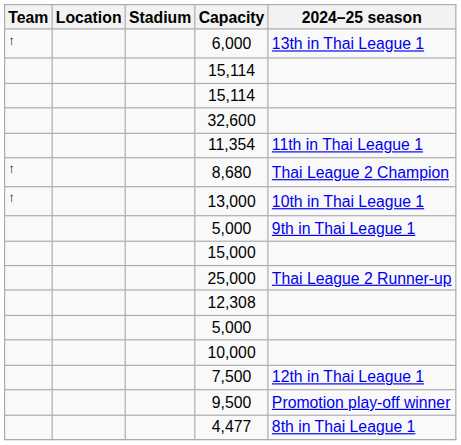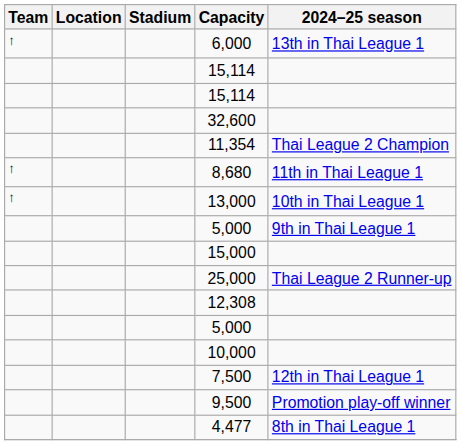 <table class="wikitable sortable" style="font-size:85%;">
 <tr>
 <th>Team</th>
 <th>Location</th>
 <th>Stadium</th>
 <th>Capacity</th>
 <th>2024–25 season</th>
 </tr>
 <tr>
 <td><sup>↑</sup></td>
 <td></td>
 <td></td>
 <td align="center">6,000</td>
 <td><a href='#'>13th in Thai League 1</a></td>
 </tr>
 <tr>
 <td></td>
 <td></td>
 <td></td>
 <td align="center">15,114</td>
 <td></td>
 </tr>
 <tr>
 <td></td>
 <td></td>
 <td></td>
 <td align="center">15,114</td>
 <td></td>
 </tr>
 <tr>
 <td></td>
 <td></td>
 <td></td>
 <td align="center">32,600</td>
 <td></td>
 </tr>
 <tr>
 <td></td>
 <td></td>
 <td></td>
 <td align="center">11,354</td>
-<td><a href='#'>11th in Thai League 1</a></td>
+<td><a href='#'>Thai League 2 Champion</a></td>
 </tr>
 <tr>
 <td><sup>↑</sup></td>
 <td></td>
 <td></td>
 <td align="center">8,680</td>
-<td><a href='#'>Thai League 2 Champion</a></td>
+<td><a href='#'>11th in Thai League 1</a></td>
 </tr>
 <tr>
 <td><sup>↑</sup></td>
 <td></td>
 <td></td>
 <td align="center">13,000</td>
 <td><a href='#'>10th in Thai League 1</a></td>
 </tr>
 <tr>
 <td></td>
 <td></td>
 <td></td>
 <td align="center">5,000</td>
 <td><a href='#'>9th in Thai League 1</a></td>
 </tr>
 <tr>
 <td></td>
 <td></td>
 <td></td>
 <td align="center">15,000</td>
 <td></td>
 </tr>
 <tr>
 <td></td>
 <td></td>
 <td></td>
 <td align="center">25,000</td>
 <td><a href='#'>Thai League 2 Runner-up</a></td>
 </tr>
 <tr>
 <td></td>
 <td></td>
 <td></td>
 <td align="center">12,308</td>
 <td></td>
 </tr>
 <tr>
 <td></td>
 <td></td>
 <td></td>
 <td align="center">5,000</td>
 <td></td>
 </tr>
 <tr>
 <td></td>
 <td></td>
 <td></td>
 <td align="center">10,000</td>
 <td></td>
 </tr>
 <tr>
 <td></td>
 <td></td>
 <td></td>
 <td align="center">7,500</td>
 <td><a href='#'>12th in Thai League 1</a></td>
 </tr>
 <tr>
 <td></td>
 <td></td>
 <td></td>
 <td align="center">9,500</td>
 <td><a href='#'>Promotion play-off winner</a></td>
 </tr>
 <tr>
 <td></td>
 <td></td>
 <td></td>
 <td align="center">4,477</td>
 <td><a href='#'>8th in Thai League 1</a></td>
 </tr>
 <tr>
 </tr>
 </table>
